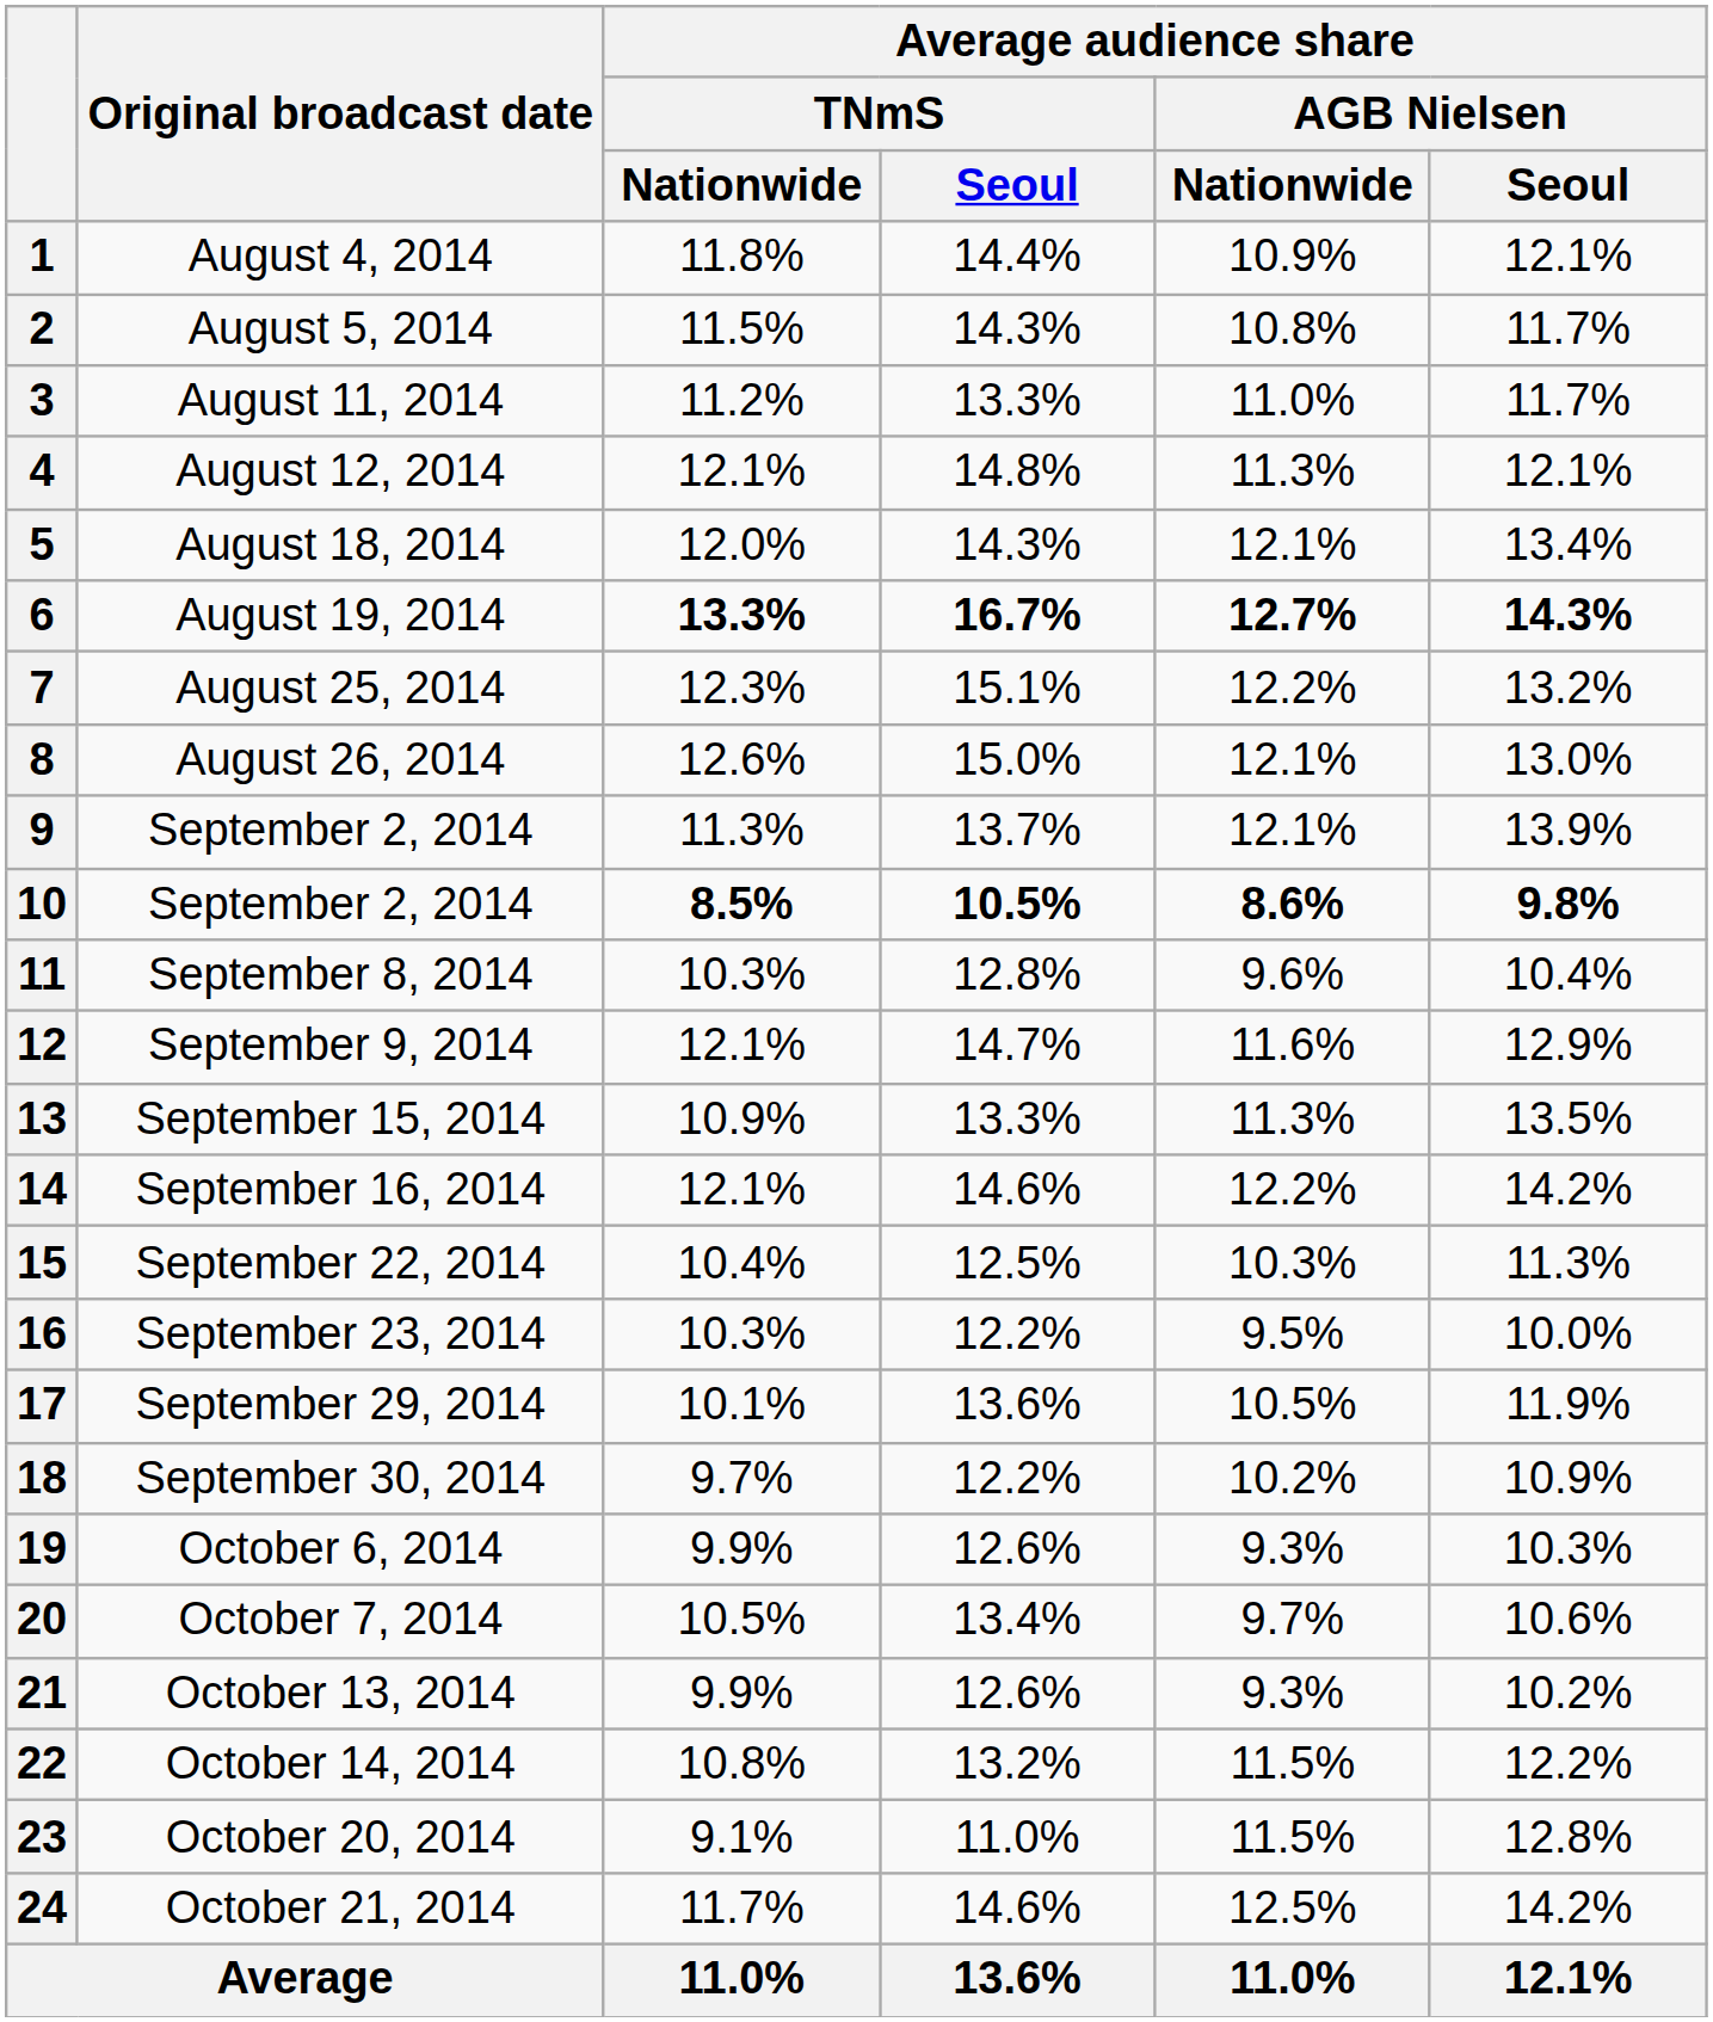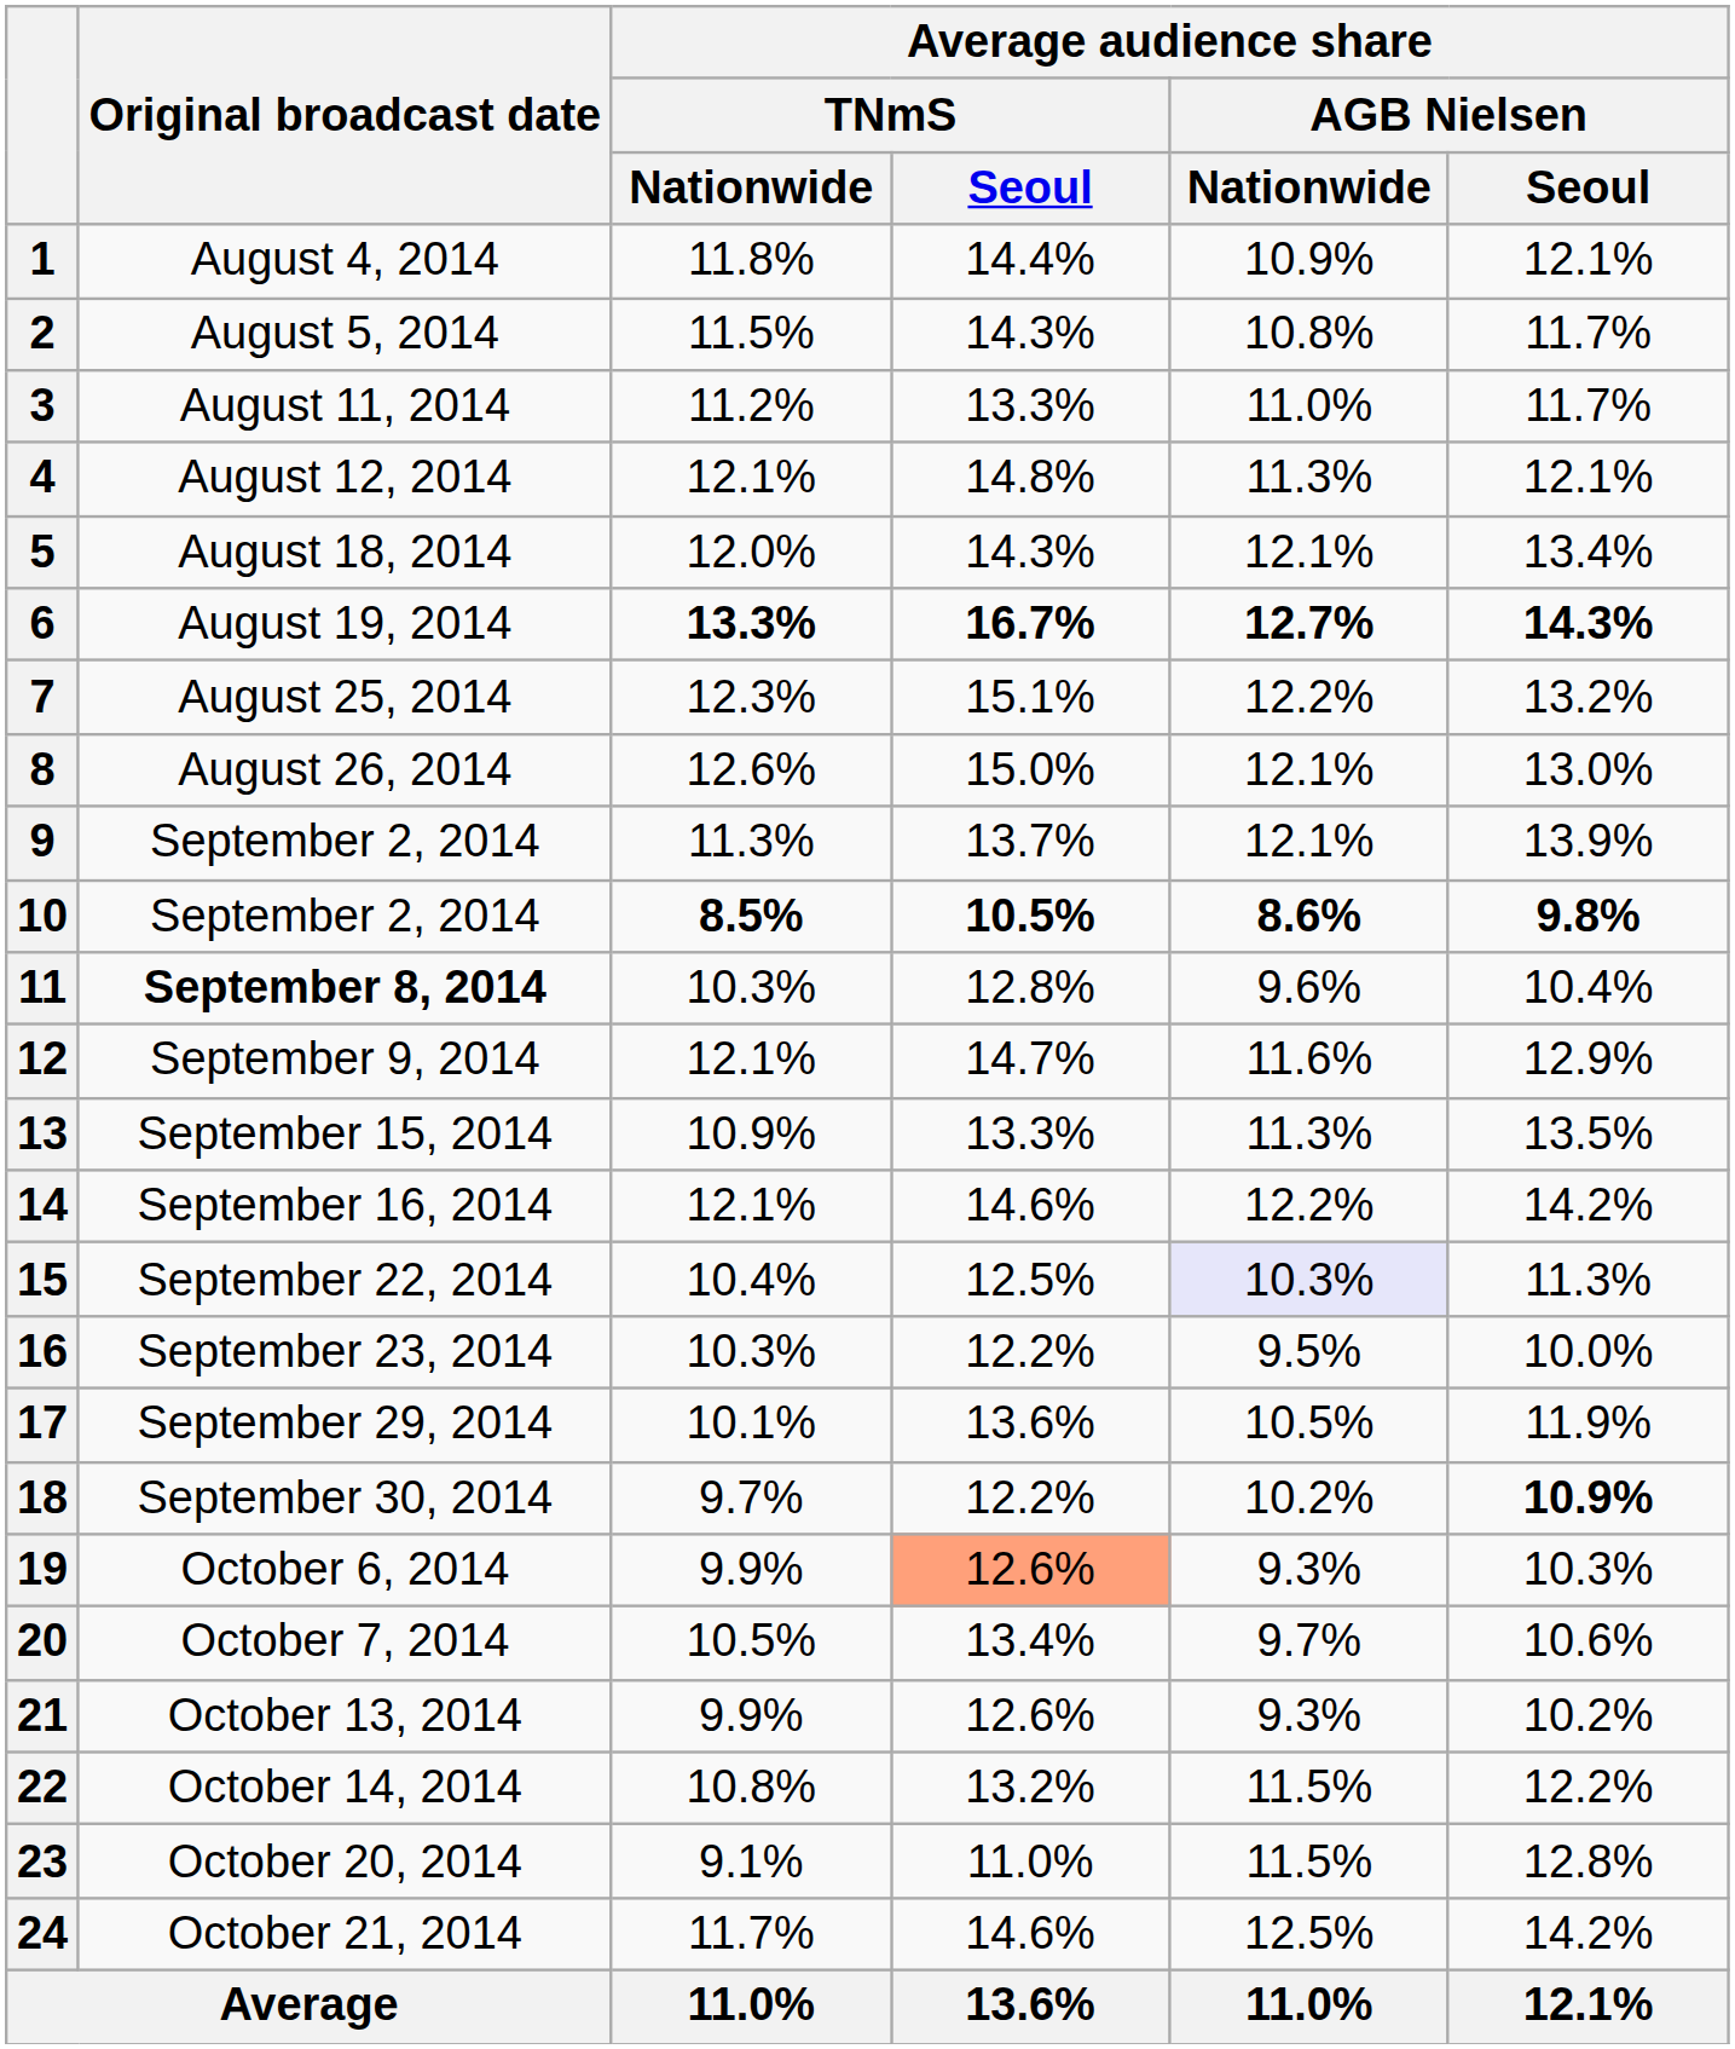 <table class=wikitable style="text-align:center">
 <tr>
 <th rowspan="3"></th>
 <th rowspan="3">Original broadcast date</th>
 <th colspan="4">Average audience share</th>
 </tr>
 <tr>
 <th colspan="2">TNmS</th>
 <th colspan="2">AGB Nielsen</th>
 </tr>
 <tr>
 <th width=90>Nationwide</th>
 <th width=90><a href='#'>Seoul</a></th>
 <th width=90>Nationwide</th>
 <th width=90>Seoul</th>
 </tr>
 <tr>
 <th>1</th>
 <td>August 4, 2014</td>
 <td>11.8%</td>
 <td>14.4%</td>
 <td>10.9%</td>
 <td>12.1%</td>
 </tr>
 <tr>
 <th>2</th>
 <td>August 5, 2014</td>
 <td>11.5%</td>
 <td>14.3%</td>
 <td>10.8%</td>
 <td>11.7%</td>
 </tr>
 <tr>
 <th>3</th>
 <td>August 11, 2014</td>
 <td>11.2%</td>
 <td>13.3%</td>
 <td>11.0%</td>
 <td>11.7%</td>
 </tr>
 <tr>
 <th>4</th>
 <td>August 12, 2014</td>
 <td>12.1%</td>
 <td>14.8%</td>
 <td>11.3%</td>
 <td>12.1%</td>
 </tr>
 <tr>
 <th>5</th>
 <td>August 18, 2014</td>
 <td>12.0%</td>
 <td>14.3%</td>
 <td>12.1%</td>
 <td>13.4%</td>
 </tr>
 <tr>
 <th>6</th>
 <td>August 19, 2014</td>
 <td><span><strong>13.3%</strong></span></td>
 <td><span><strong>16.7%</strong></span></td>
 <td><span><strong>12.7%</strong></span></td>
 <td><span><strong>14.3%</strong></span></td>
 </tr>
 <tr>
 <th>7</th>
 <td>August 25, 2014</td>
 <td>12.3%</td>
 <td>15.1%</td>
 <td>12.2%</td>
 <td>13.2%</td>
 </tr>
 <tr>
 <th>8</th>
 <td>August 26, 2014</td>
 <td>12.6%</td>
 <td>15.0%</td>
 <td>12.1%</td>
 <td>13.0%</td>
 </tr>
 <tr>
 <th>9</th>
 <td>September 2, 2014</td>
 <td>11.3%</td>
 <td>13.7%</td>
 <td>12.1%</td>
 <td>13.9%</td>
 </tr>
 <tr>
 <th>10</th>
 <td>September 2, 2014</td>
 <td><span><strong>8.5%</strong></span></td>
 <td><span><strong>10.5%</strong></span></td>
 <td><span><strong>8.6%</strong></span></td>
 <td><span><strong>9.8%</strong></span></td>
 </tr>
 <tr>
 <th>11</th>
-<td>September 8, 2014</td>
+<td><strong>September 8, 2014</strong></td>
 <td>10.3%</td>
 <td>12.8%</td>
 <td>9.6%</td>
 <td>10.4%</td>
 </tr>
 <tr>
 <th>12</th>
 <td>September 9, 2014</td>
 <td>12.1%</td>
 <td>14.7%</td>
 <td>11.6%</td>
 <td>12.9%</td>
 </tr>
 <tr>
 <th>13</th>
 <td>September 15, 2014</td>
 <td>10.9%</td>
 <td>13.3%</td>
 <td>11.3%</td>
 <td>13.5%</td>
 </tr>
 <tr>
 <th>14</th>
 <td>September 16, 2014</td>
 <td>12.1%</td>
 <td>14.6%</td>
 <td>12.2%</td>
 <td>14.2%</td>
 </tr>
 <tr>
 <th>15</th>
 <td>September 22, 2014</td>
 <td>10.4%</td>
 <td>12.5%</td>
-<td>10.3%</td>
+<td style="background: lavender;">10.3%</td>
 <td>11.3%</td>
 </tr>
 <tr>
 <th>16</th>
 <td>September 23, 2014</td>
 <td>10.3%</td>
 <td>12.2%</td>
 <td>9.5%</td>
 <td>10.0%</td>
 </tr>
 <tr>
 <th>17</th>
 <td>September 29, 2014</td>
 <td>10.1%</td>
 <td>13.6%</td>
 <td>10.5%</td>
 <td>11.9%</td>
 </tr>
 <tr>
 <th>18</th>
 <td>September 30, 2014</td>
 <td>9.7%</td>
 <td>12.2%</td>
 <td>10.2%</td>
-<td>10.9%</td>
+<td><strong>10.9%</strong></td>
 </tr>
 <tr>
 <th>19</th>
 <td>October 6, 2014</td>
 <td>9.9%</td>
-<td>12.6%</td>
+<td style="background: lightsalmon;">12.6%</td>
 <td>9.3%</td>
 <td>10.3%</td>
 </tr>
 <tr>
 <th>20</th>
 <td>October 7, 2014</td>
 <td>10.5%</td>
 <td>13.4%</td>
 <td>9.7%</td>
 <td>10.6%</td>
 </tr>
 <tr>
 <th>21</th>
 <td>October 13, 2014</td>
 <td>9.9%</td>
 <td>12.6%</td>
 <td>9.3%</td>
 <td>10.2%</td>
 </tr>
 <tr>
 <th>22</th>
 <td>October 14, 2014</td>
 <td>10.8%</td>
 <td>13.2%</td>
 <td>11.5%</td>
 <td>12.2%</td>
 </tr>
 <tr>
 <th>23</th>
 <td>October 20, 2014</td>
 <td>9.1%</td>
 <td>11.0%</td>
 <td>11.5%</td>
 <td>12.8%</td>
 </tr>
 <tr>
 <th>24</th>
 <td>October 21, 2014</td>
 <td>11.7%</td>
 <td>14.6%</td>
 <td>12.5%</td>
 <td>14.2%</td>
 </tr>
 <tr>
 <th colspan=2>Average</th>
 <th>11.0%</th>
 <th>13.6%</th>
 <th>11.0%</th>
 <th>12.1%</th>
 </tr>
 </table>
